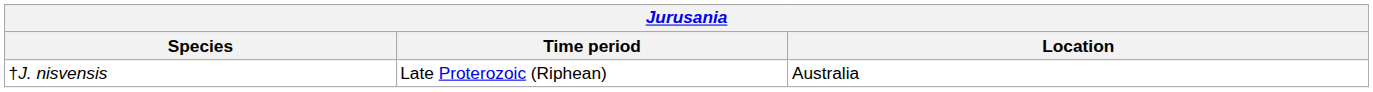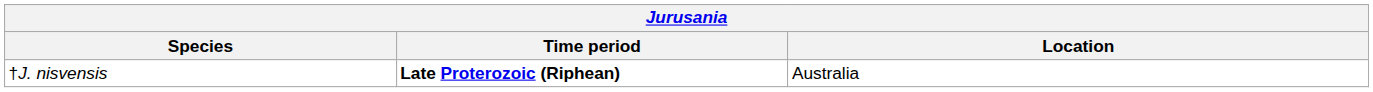 <table class="wikitable sortable" style="background:white; width:100%;">
 <tr>
 <th colspan="5" align="center"><em><a href='#'>Jurusania</a></em> </th>
 </tr>
 <tr>
 <th style=width:200px>Species</th>
 <th style=width:200px>Time period</th>
 <th style=width:300px>Location</th>
 </tr>
 <tr>
 <td>†<em>J. nisvensis</em></td>
-<td>Late <a href='#'>Proterozoic</a> (Riphean)</td>
+<td><strong>Late <a href='#'>Proterozoic</a> (Riphean)</strong></td>
 <td>Australia</td>
 </tr>
 </table>
